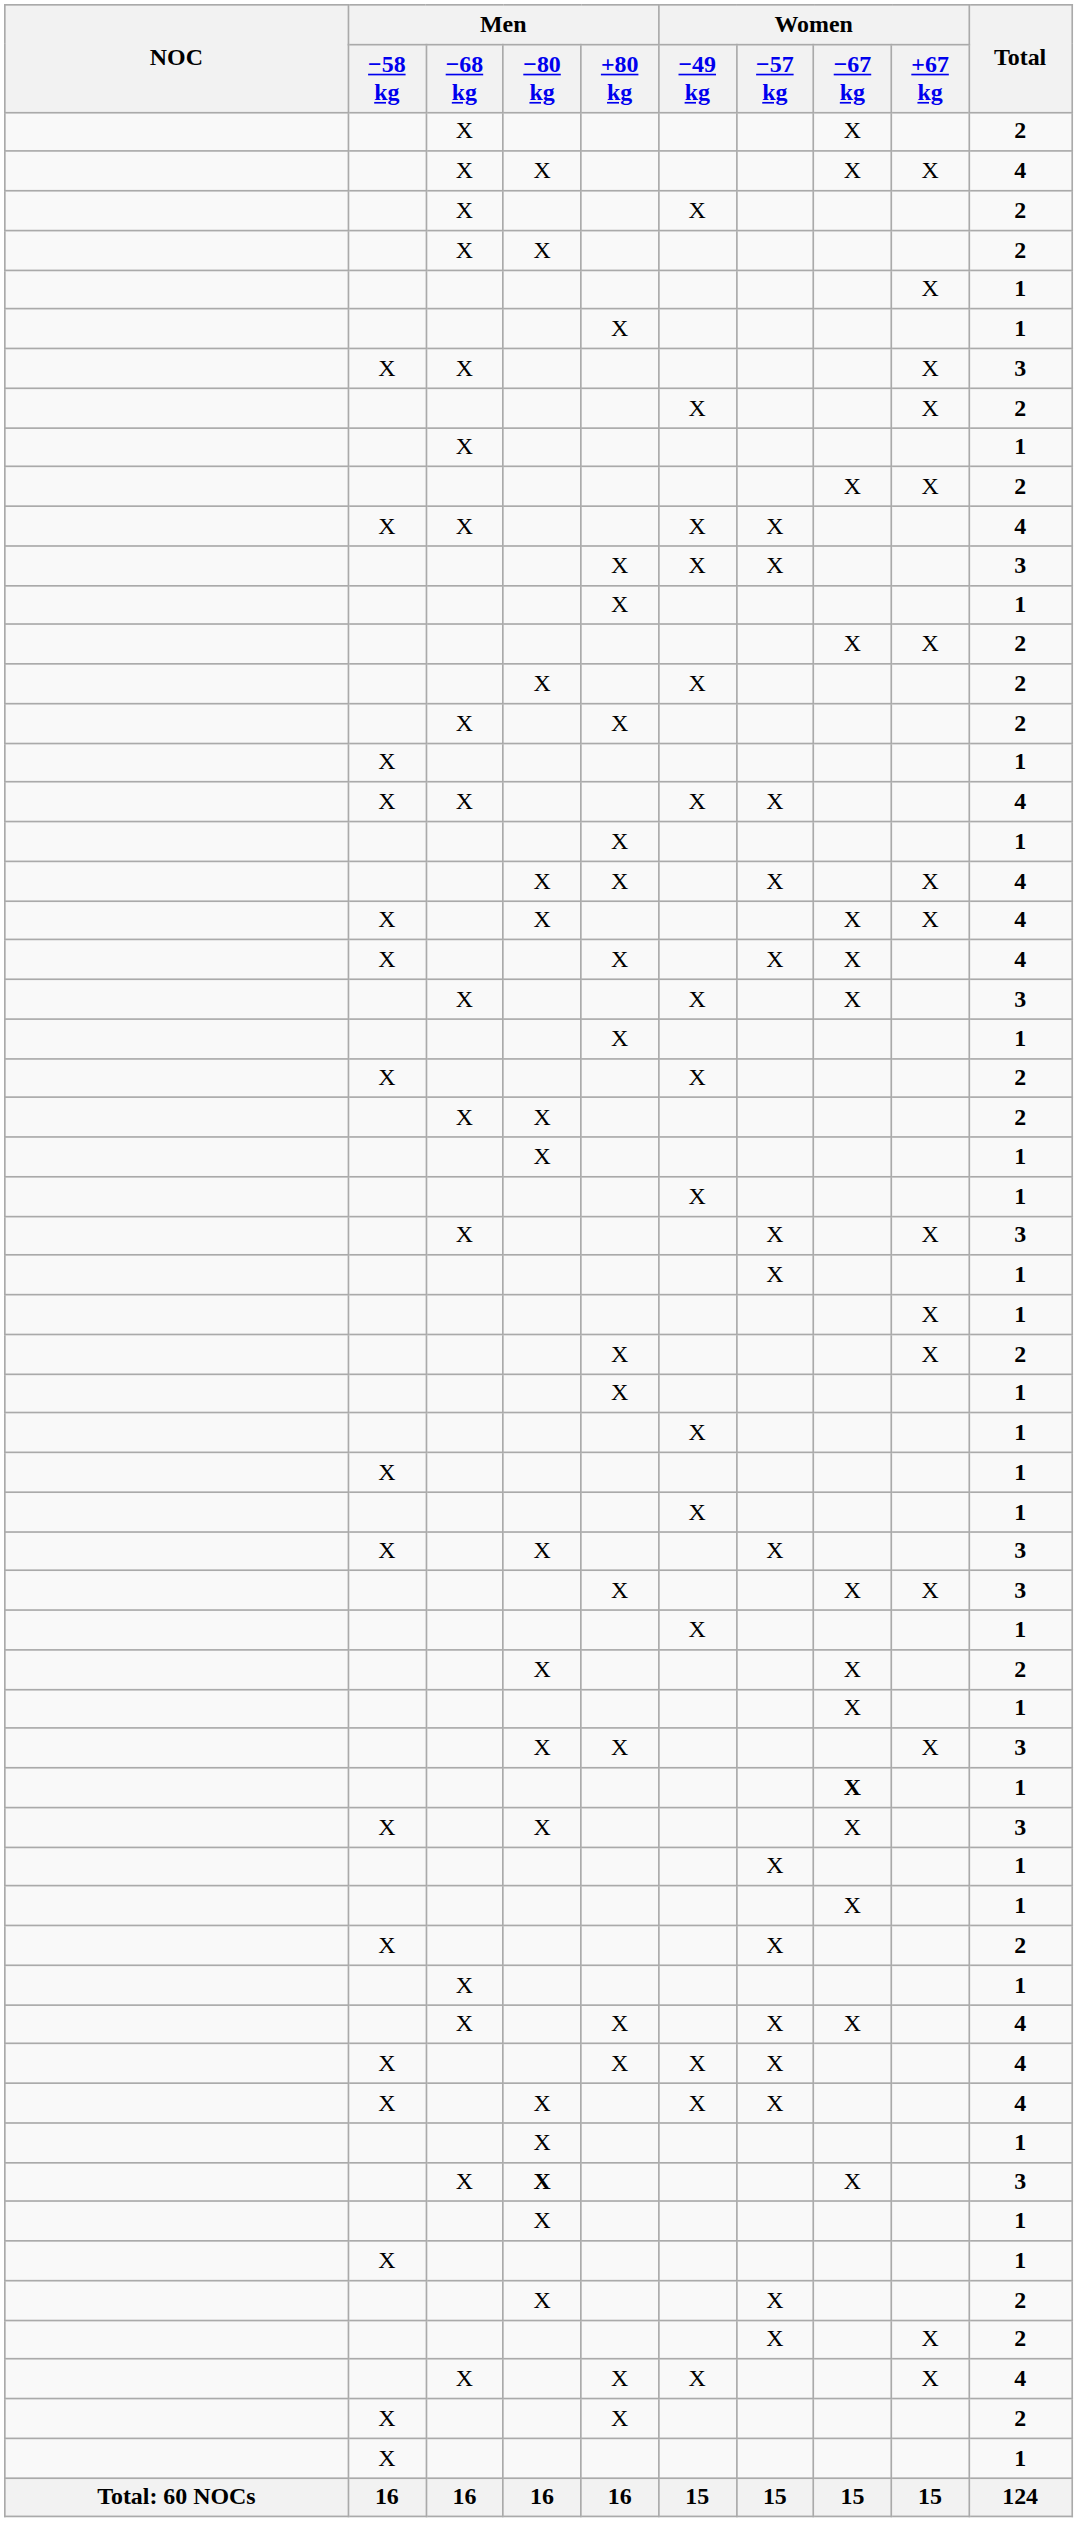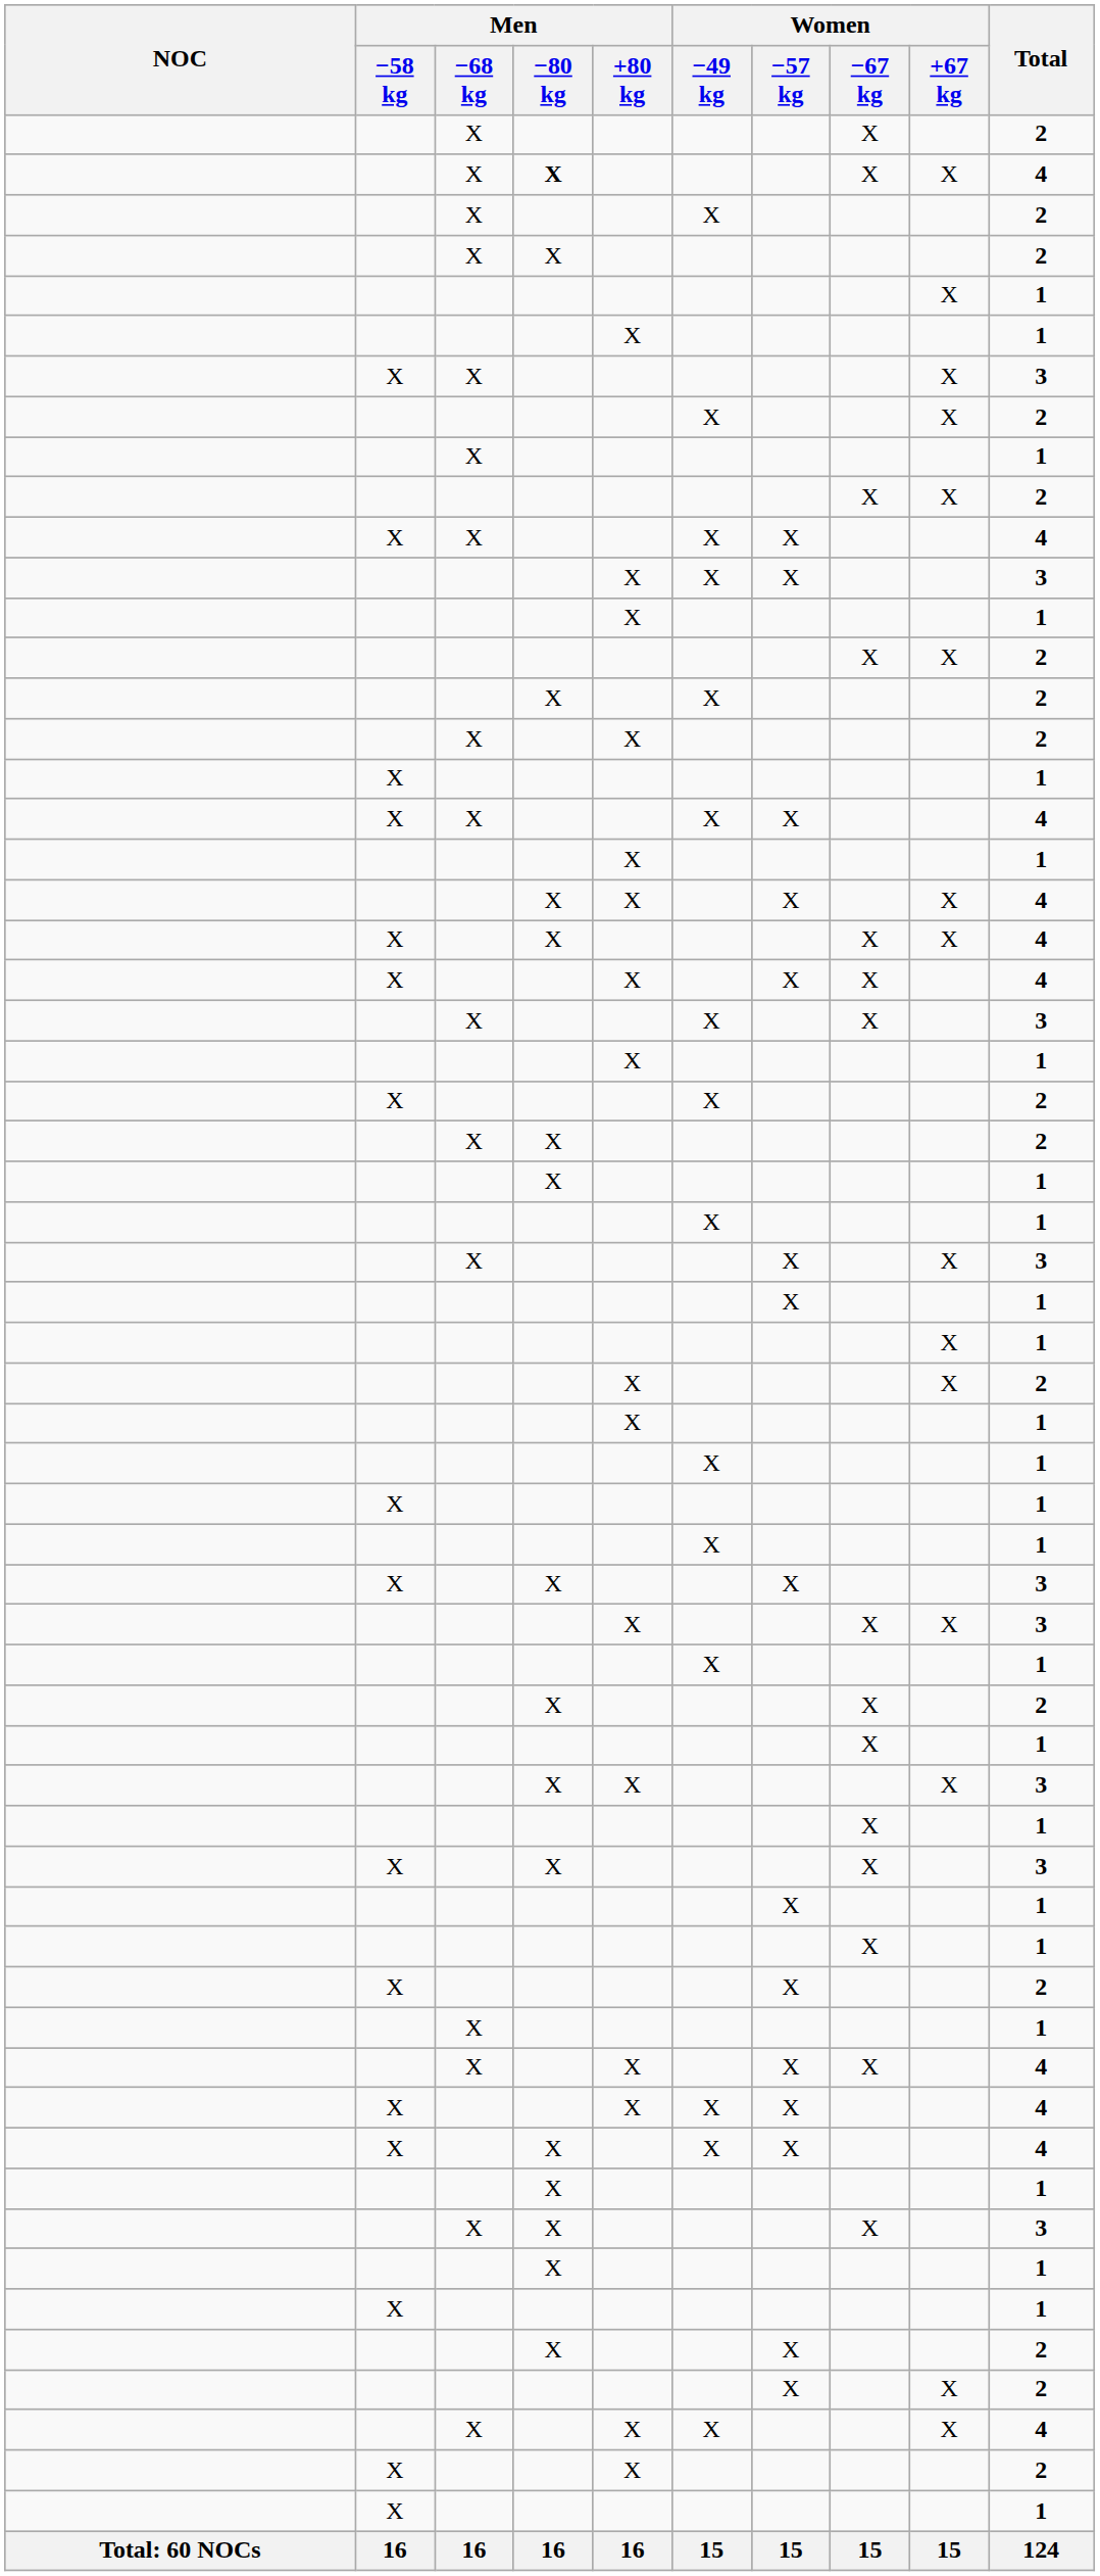 <table class="wikitable" style="text-align:center; font-size:90%">
 <tr>
 <th rowspan="2" width=200 align="left">NOC</th>
 <th colspan=4>Men</th>
 <th colspan=4>Women</th>
 <th width=55 rowspan="2">Total</th>
 </tr>
 <tr>
 <th width=40><a href='#'>−58 kg</a></th>
 <th width=40><a href='#'>−68 kg</a></th>
 <th width=40><a href='#'>−80 kg</a></th>
 <th width=40><a href='#'>+80 kg</a></th>
 <th width=40><a href='#'>−49 kg</a></th>
 <th width=40><a href='#'>−57 kg</a></th>
 <th width=40><a href='#'>−67 kg</a></th>
 <th width=40><a href='#'>+67 kg</a></th>
 </tr>
 <tr>
 <td align=left></td>
 <td></td>
 <td>X</td>
 <td></td>
 <td></td>
 <td></td>
 <td></td>
 <td>X</td>
 <td></td>
 <td><strong>2</strong></td>
 </tr>
 <tr>
 <td align=left></td>
 <td></td>
 <td>X</td>
-<td>X</td>
+<td><strong>X</strong></td>
 <td></td>
 <td></td>
 <td></td>
 <td>X</td>
 <td>X</td>
 <td><strong>4</strong></td>
 </tr>
 <tr>
 <td align=left></td>
 <td></td>
 <td>X</td>
 <td></td>
 <td></td>
 <td>X</td>
 <td></td>
 <td></td>
 <td></td>
 <td><strong>2</strong></td>
 </tr>
 <tr>
 <td align=left></td>
 <td></td>
 <td>X</td>
 <td>X</td>
 <td></td>
 <td></td>
 <td></td>
 <td></td>
 <td></td>
 <td><strong>2</strong></td>
 </tr>
 <tr>
 <td align=left></td>
 <td></td>
 <td></td>
 <td></td>
 <td></td>
 <td></td>
 <td></td>
 <td></td>
 <td>X</td>
 <td><strong>1</strong></td>
 </tr>
 <tr>
 <td align=left></td>
 <td></td>
 <td></td>
 <td></td>
 <td>X</td>
 <td></td>
 <td></td>
 <td></td>
 <td></td>
 <td><strong>1</strong></td>
 </tr>
 <tr>
 <td align=left></td>
 <td>X</td>
 <td>X</td>
 <td></td>
 <td></td>
 <td></td>
 <td></td>
 <td></td>
 <td>X</td>
 <td><strong>3</strong></td>
 </tr>
 <tr>
 <td align=left></td>
 <td></td>
 <td></td>
 <td></td>
 <td></td>
 <td>X</td>
 <td></td>
 <td></td>
 <td>X</td>
 <td><strong>2</strong></td>
 </tr>
 <tr>
 <td align=left></td>
 <td></td>
 <td>X</td>
 <td></td>
 <td></td>
 <td></td>
 <td></td>
 <td></td>
 <td></td>
 <td><strong>1</strong></td>
 </tr>
 <tr>
 <td align=left></td>
 <td></td>
 <td></td>
 <td></td>
 <td></td>
 <td></td>
 <td></td>
 <td>X</td>
 <td>X</td>
 <td><strong>2</strong></td>
 </tr>
 <tr>
 <td align=left></td>
 <td>X</td>
 <td>X</td>
 <td></td>
 <td></td>
 <td>X</td>
 <td>X</td>
 <td></td>
 <td></td>
 <td><strong>4</strong></td>
 </tr>
 <tr>
 <td align=left></td>
 <td></td>
 <td></td>
 <td></td>
 <td>X</td>
 <td>X</td>
 <td>X</td>
 <td></td>
 <td></td>
 <td><strong>3</strong></td>
 </tr>
 <tr>
 <td align=left></td>
 <td></td>
 <td></td>
 <td></td>
 <td>X</td>
 <td></td>
 <td></td>
 <td></td>
 <td></td>
 <td><strong>1</strong></td>
 </tr>
 <tr>
 <td align=left></td>
 <td></td>
 <td></td>
 <td></td>
 <td></td>
 <td></td>
 <td></td>
 <td>X</td>
 <td>X</td>
 <td><strong>2</strong></td>
 </tr>
 <tr>
 <td align=left></td>
 <td></td>
 <td></td>
 <td>X</td>
 <td></td>
 <td>X</td>
 <td></td>
 <td></td>
 <td></td>
 <td><strong>2</strong></td>
 </tr>
 <tr>
 <td align=left></td>
 <td></td>
 <td>X</td>
 <td></td>
 <td>X</td>
 <td></td>
 <td></td>
 <td></td>
 <td></td>
 <td><strong>2</strong></td>
 </tr>
 <tr>
 <td align=left></td>
 <td>X</td>
 <td></td>
 <td></td>
 <td></td>
 <td></td>
 <td></td>
 <td></td>
 <td></td>
 <td><strong>1</strong></td>
 </tr>
 <tr>
 <td align=left></td>
 <td>X</td>
 <td>X</td>
 <td></td>
 <td></td>
 <td>X</td>
 <td>X</td>
 <td></td>
 <td></td>
 <td><strong>4</strong></td>
 </tr>
 <tr>
 <td align=left></td>
 <td></td>
 <td></td>
 <td></td>
 <td>X</td>
 <td></td>
 <td></td>
 <td></td>
 <td></td>
 <td><strong>1</strong></td>
 </tr>
 <tr>
 <td align=left></td>
 <td></td>
 <td></td>
 <td>X</td>
 <td>X</td>
 <td></td>
 <td>X</td>
 <td></td>
 <td>X</td>
 <td><strong>4</strong></td>
 </tr>
 <tr>
 <td align=left></td>
 <td>X</td>
 <td></td>
 <td>X</td>
 <td></td>
 <td></td>
 <td></td>
 <td>X</td>
 <td>X</td>
 <td><strong>4</strong></td>
 </tr>
 <tr>
 <td align=left></td>
 <td>X</td>
 <td></td>
 <td></td>
 <td>X</td>
 <td></td>
 <td>X</td>
 <td>X</td>
 <td></td>
 <td><strong>4</strong></td>
 </tr>
 <tr>
 <td align=left></td>
 <td></td>
 <td>X</td>
 <td></td>
 <td></td>
 <td>X</td>
 <td></td>
 <td>X</td>
 <td></td>
 <td><strong>3</strong></td>
 </tr>
 <tr>
 <td align=left></td>
 <td></td>
 <td></td>
 <td></td>
 <td>X</td>
 <td></td>
 <td></td>
 <td></td>
 <td></td>
 <td><strong>1</strong></td>
 </tr>
 <tr>
 <td align=left></td>
 <td>X</td>
 <td></td>
 <td></td>
 <td></td>
 <td>X</td>
 <td></td>
 <td></td>
 <td></td>
 <td><strong>2</strong></td>
 </tr>
 <tr>
 <td align=left></td>
 <td></td>
 <td>X</td>
 <td>X</td>
 <td></td>
 <td></td>
 <td></td>
 <td></td>
 <td></td>
 <td><strong>2</strong></td>
 </tr>
 <tr>
 <td align=left></td>
 <td></td>
 <td></td>
 <td>X</td>
 <td></td>
 <td></td>
 <td></td>
 <td></td>
 <td></td>
 <td><strong>1</strong></td>
 </tr>
 <tr>
 <td align=left></td>
 <td></td>
 <td></td>
 <td></td>
 <td></td>
 <td>X</td>
 <td></td>
 <td></td>
 <td></td>
 <td><strong>1</strong></td>
 </tr>
 <tr>
 <td align=left></td>
 <td></td>
 <td>X</td>
 <td></td>
 <td></td>
 <td></td>
 <td>X</td>
 <td></td>
 <td>X</td>
 <td><strong>3</strong></td>
 </tr>
 <tr>
 <td align=left></td>
 <td></td>
 <td></td>
 <td></td>
 <td></td>
 <td></td>
 <td>X</td>
 <td></td>
 <td></td>
 <td><strong>1</strong></td>
 </tr>
 <tr>
 <td align=left></td>
 <td></td>
 <td></td>
 <td></td>
 <td></td>
 <td></td>
 <td></td>
 <td></td>
 <td>X</td>
 <td><strong>1</strong></td>
 </tr>
 <tr>
 <td align=left></td>
 <td></td>
 <td></td>
 <td></td>
 <td>X</td>
 <td></td>
 <td></td>
 <td></td>
 <td>X</td>
 <td><strong>2</strong></td>
 </tr>
 <tr>
 <td align=left></td>
 <td></td>
 <td></td>
 <td></td>
 <td>X</td>
 <td></td>
 <td></td>
 <td></td>
 <td></td>
 <td><strong>1</strong></td>
 </tr>
 <tr>
 <td align=left></td>
 <td></td>
 <td></td>
 <td></td>
 <td></td>
 <td>X</td>
 <td></td>
 <td></td>
 <td></td>
 <td><strong>1</strong></td>
 </tr>
 <tr>
 <td align=left></td>
 <td>X</td>
 <td></td>
 <td></td>
 <td></td>
 <td></td>
 <td></td>
 <td></td>
 <td></td>
 <td><strong>1</strong></td>
 </tr>
 <tr>
 <td align=left></td>
 <td></td>
 <td></td>
 <td></td>
 <td></td>
 <td>X</td>
 <td></td>
 <td></td>
 <td></td>
 <td><strong>1</strong></td>
 </tr>
 <tr>
 <td align=left></td>
 <td>X</td>
 <td></td>
 <td>X</td>
 <td></td>
 <td></td>
 <td>X</td>
 <td></td>
 <td></td>
 <td><strong>3</strong></td>
 </tr>
 <tr>
 <td align=left></td>
 <td></td>
 <td></td>
 <td></td>
 <td>X</td>
 <td></td>
 <td></td>
 <td>X</td>
 <td>X</td>
 <td><strong>3</strong></td>
 </tr>
 <tr>
 <td align=left></td>
 <td></td>
 <td></td>
 <td></td>
 <td></td>
 <td>X</td>
 <td></td>
 <td></td>
 <td></td>
 <td><strong>1</strong></td>
 </tr>
 <tr>
 <td align=left></td>
 <td></td>
 <td></td>
 <td>X</td>
 <td></td>
 <td></td>
 <td></td>
 <td>X</td>
 <td></td>
 <td><strong>2</strong></td>
 </tr>
 <tr>
 <td align=left></td>
 <td></td>
 <td></td>
 <td></td>
 <td></td>
 <td></td>
 <td></td>
 <td>X</td>
 <td></td>
 <td><strong>1</strong></td>
 </tr>
 <tr>
 <td align=left></td>
 <td></td>
 <td></td>
 <td>X</td>
 <td>X</td>
 <td></td>
 <td></td>
 <td></td>
 <td>X</td>
 <td><strong>3</strong></td>
 </tr>
 <tr>
 <td align=left></td>
 <td></td>
 <td></td>
 <td></td>
 <td></td>
 <td></td>
 <td></td>
-<td><strong>X</strong></td>
+<td>X</td>
 <td></td>
 <td><strong>1</strong></td>
 </tr>
 <tr>
 <td align=left></td>
 <td>X</td>
 <td></td>
 <td>X</td>
 <td></td>
 <td></td>
 <td></td>
 <td>X</td>
 <td></td>
 <td><strong>3</strong></td>
 </tr>
 <tr>
 <td align=left></td>
 <td></td>
 <td></td>
 <td></td>
 <td></td>
 <td></td>
 <td>X</td>
 <td></td>
 <td></td>
 <td><strong>1</strong></td>
 </tr>
 <tr>
 <td align=left></td>
 <td></td>
 <td></td>
 <td></td>
 <td></td>
 <td></td>
 <td></td>
 <td>X</td>
 <td></td>
 <td><strong>1</strong></td>
 </tr>
 <tr>
 <td align=left></td>
 <td>X</td>
 <td></td>
 <td></td>
 <td></td>
 <td></td>
 <td>X</td>
 <td></td>
 <td></td>
 <td><strong>2</strong></td>
 </tr>
 <tr>
 <td align=left></td>
 <td></td>
 <td>X</td>
 <td></td>
 <td></td>
 <td></td>
 <td></td>
 <td></td>
 <td></td>
 <td><strong>1</strong></td>
 </tr>
 <tr>
 <td align=left></td>
 <td></td>
 <td>X</td>
 <td></td>
 <td>X</td>
 <td></td>
 <td>X</td>
 <td>X</td>
 <td></td>
 <td><strong>4</strong></td>
 </tr>
 <tr>
 <td align=left></td>
 <td>X</td>
 <td></td>
 <td></td>
 <td>X</td>
 <td>X</td>
 <td>X</td>
 <td></td>
 <td></td>
 <td><strong>4</strong></td>
 </tr>
 <tr>
 <td align=left></td>
 <td>X</td>
 <td></td>
 <td>X</td>
 <td></td>
 <td>X</td>
 <td>X</td>
 <td></td>
 <td></td>
 <td><strong>4</strong></td>
 </tr>
 <tr>
 <td align=left></td>
 <td></td>
 <td></td>
 <td>X</td>
 <td></td>
 <td></td>
 <td></td>
 <td></td>
 <td></td>
 <td><strong>1</strong></td>
 </tr>
 <tr>
 <td align=left></td>
 <td></td>
 <td>X</td>
-<td><strong>X</strong></td>
+<td>X</td>
 <td></td>
 <td></td>
 <td></td>
 <td>X</td>
 <td></td>
 <td><strong>3</strong></td>
 </tr>
 <tr>
 <td align=left></td>
 <td></td>
 <td></td>
 <td>X</td>
 <td></td>
 <td></td>
 <td></td>
 <td></td>
 <td></td>
 <td><strong>1</strong></td>
 </tr>
 <tr>
 <td align=left></td>
 <td>X</td>
 <td></td>
 <td></td>
 <td></td>
 <td></td>
 <td></td>
 <td></td>
 <td></td>
 <td><strong>1</strong></td>
 </tr>
 <tr>
 <td align=left></td>
 <td></td>
 <td></td>
 <td>X</td>
 <td></td>
 <td></td>
 <td>X</td>
 <td></td>
 <td></td>
 <td><strong>2</strong></td>
 </tr>
 <tr>
 <td align=left></td>
 <td></td>
 <td></td>
 <td></td>
 <td></td>
 <td></td>
 <td>X</td>
 <td></td>
 <td>X</td>
 <td><strong>2</strong></td>
 </tr>
 <tr>
 <td align=left></td>
 <td></td>
 <td>X</td>
 <td></td>
 <td>X</td>
 <td>X</td>
 <td></td>
 <td></td>
 <td>X</td>
 <td><strong>4</strong></td>
 </tr>
 <tr>
 <td align=left></td>
 <td>X</td>
 <td></td>
 <td></td>
 <td>X</td>
 <td></td>
 <td></td>
 <td></td>
 <td></td>
 <td><strong>2</strong></td>
 </tr>
 <tr>
 <td align=left></td>
 <td>X</td>
 <td></td>
 <td></td>
 <td></td>
 <td></td>
 <td></td>
 <td></td>
 <td></td>
 <td><strong>1</strong></td>
 </tr>
 <tr>
 <th>Total: 60 NOCs</th>
 <th>16</th>
 <th>16</th>
 <th>16</th>
 <th>16</th>
 <th>15</th>
 <th>15</th>
 <th>15</th>
 <th>15</th>
 <th>124</th>
 </tr>
 </table>
